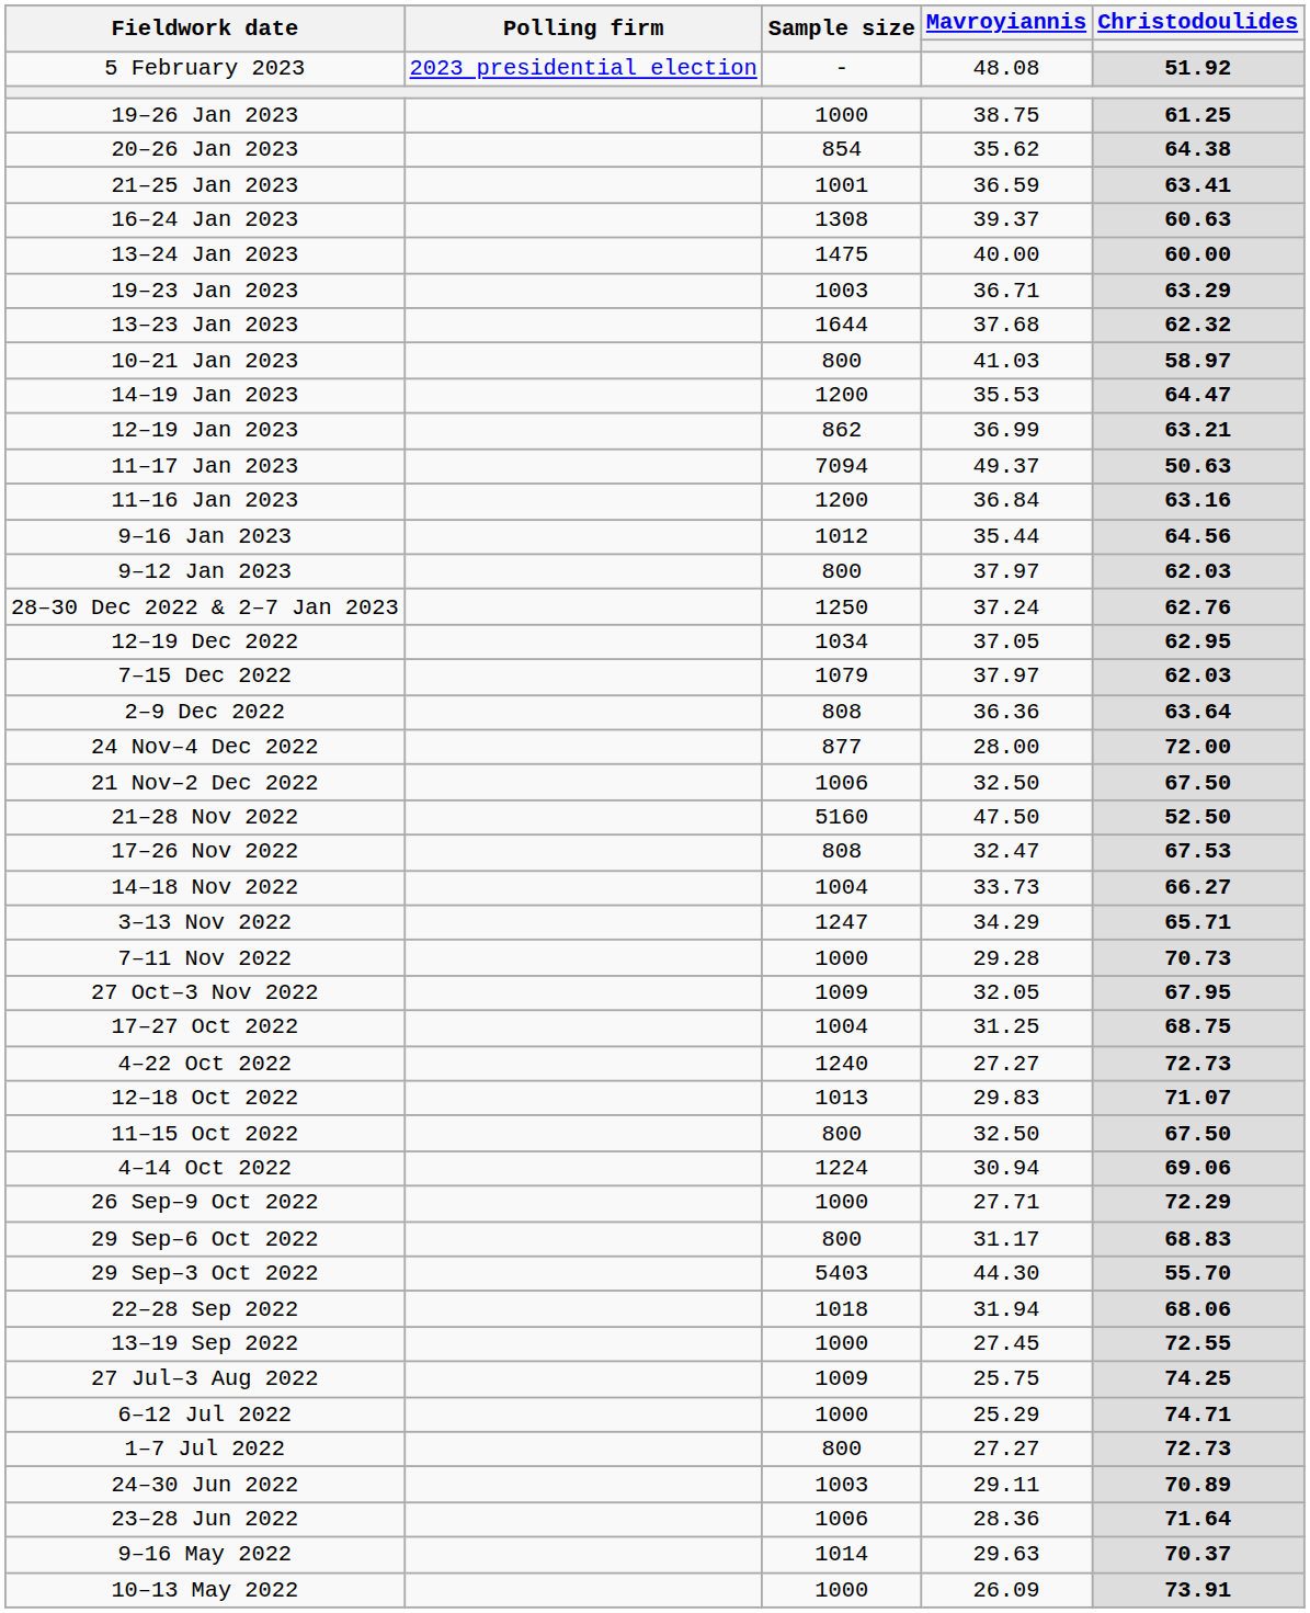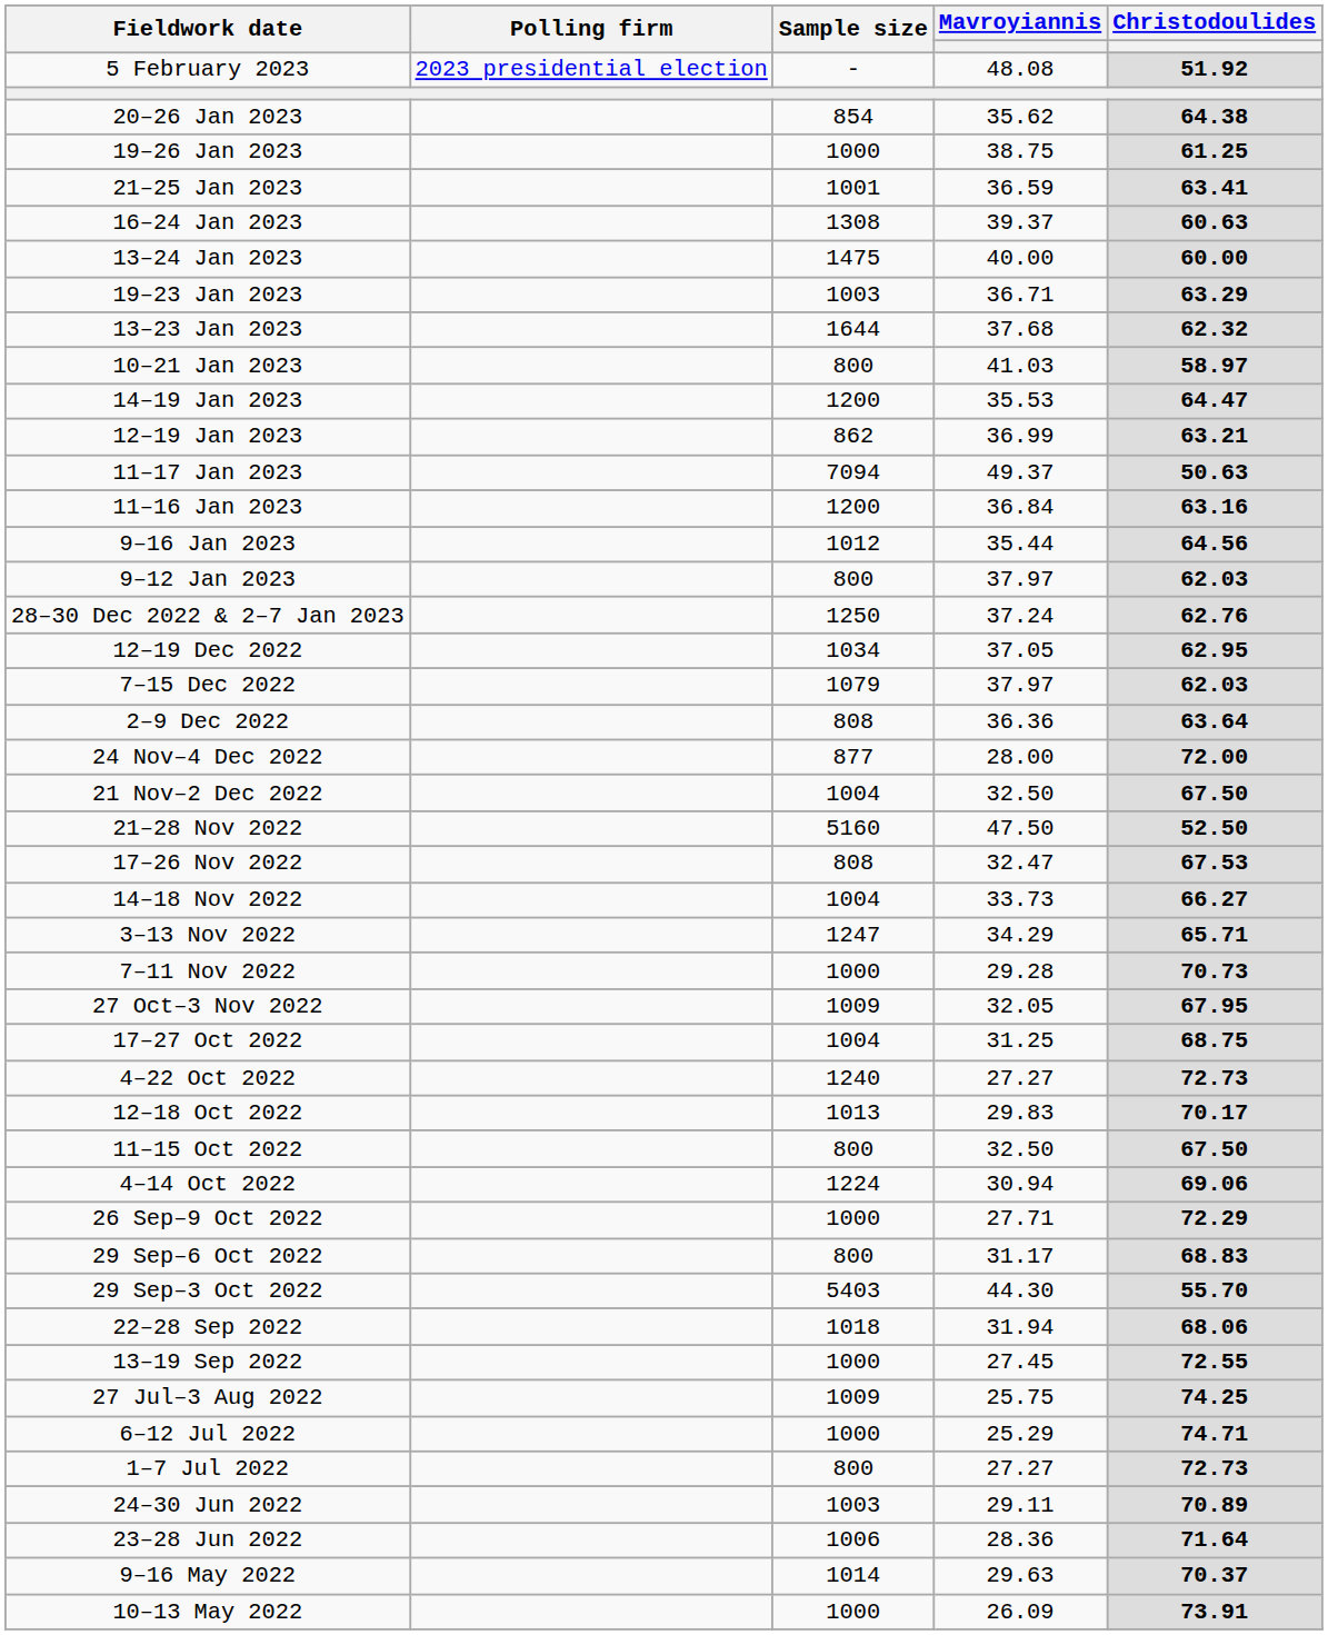 <table class="wikitable" style="text-align:center; font-size:85%;">
 <tr>
 <th rowspan="2">Fieldwork date</th>
 <th rowspan="2">Polling firm</th>
 <th rowspan="2">Sample size</th>
 <th><a href='#'>Mavroyiannis</a><br></th>
 <th><a href='#'>Christodoulides</a><br></th>
 </tr>
 <tr>
 <th style="background:"></th>
 <th style="background:"></th>
 </tr>
 <tr>
 <td>5 February 2023</td>
 <td><a href='#'>2023 presidential election</a></td>
 <td>-</td>
 <td>48.08</td>
 <th style="background:#DDDDDD">51.92</th>
 </tr>
 <tr>
 <td colspan="5" style="background:#EFEFEF"></td>
 </tr>
 <tr>
+<td>20–26 Jan 2023</td>
+<td></td>
+<td>854</td>
+<td>35.62</td>
+<th style="background:#DDDDDD"><strong>64.38</strong></th>
+</tr>
+<tr>
 <td>19–26 Jan 2023</td>
 <td></td>
 <td>1000</td>
 <td>38.75</td>
 <th style="background:#DDDDDD"><strong>61.25</strong></th>
-</tr>
-<tr>
-<td>20–26 Jan 2023</td>
-<td></td>
-<td>854</td>
-<td>35.62</td>
-<th style="background:#DDDDDD"><strong>64.38</strong></th>
 </tr>
 <tr>
 <td>21–25 Jan 2023</td>
 <td></td>
 <td>1001</td>
 <td>36.59</td>
 <th style="background:#DDDDDD"><strong>63.41</strong></th>
 </tr>
 <tr>
 <td>16–24 Jan 2023</td>
 <td></td>
 <td>1308</td>
 <td>39.37</td>
 <th style="background:#DDDDDD"><strong>60.63</strong></th>
 </tr>
 <tr>
 <td>13–24 Jan 2023</td>
 <td></td>
 <td>1475</td>
 <td>40.00</td>
 <th style="background:#DDDDDD"><strong>60.00</strong></th>
 </tr>
 <tr>
 <td>19–23 Jan 2023</td>
 <td></td>
 <td>1003</td>
 <td>36.71</td>
 <th style="background:#DDDDDD"><strong>63.29</strong></th>
 </tr>
 <tr>
 <td>13–23 Jan 2023</td>
 <td></td>
 <td>1644</td>
 <td>37.68</td>
 <th style="background:#DDDDDD"><strong>62.32</strong></th>
 </tr>
 <tr>
 <td>10–21 Jan 2023</td>
 <td></td>
 <td>800</td>
 <td>41.03</td>
 <th style="background:#DDDDDD"><strong>58.97</strong></th>
 </tr>
 <tr>
 <td>14–19 Jan 2023</td>
 <td></td>
 <td>1200</td>
 <td>35.53</td>
 <th style="background:#DDDDDD"><strong>64.47</strong></th>
 </tr>
 <tr>
 <td>12–19 Jan 2023</td>
 <td></td>
 <td>862</td>
 <td>36.99</td>
 <th style="background:#DDDDDD"><strong>63.21</strong></th>
 </tr>
 <tr>
 <td>11–17 Jan 2023</td>
 <td></td>
 <td>7094</td>
 <td>49.37</td>
 <th style="background:#DDDDDD"><strong>50.63</strong></th>
 </tr>
 <tr>
 <td>11–16 Jan 2023</td>
 <td></td>
 <td>1200</td>
 <td>36.84</td>
 <th style="background:#DDDDDD"><strong>63.16</strong></th>
 </tr>
 <tr>
 <td>9–16 Jan 2023</td>
 <td></td>
 <td>1012</td>
 <td>35.44</td>
 <th style="background:#DDDDDD"><strong>64.56</strong></th>
 </tr>
 <tr>
 <td>9–12 Jan 2023</td>
 <td></td>
 <td>800</td>
 <td>37.97</td>
 <th style="background:#DDDDDD"><strong>62.03</strong></th>
 </tr>
 <tr>
 <td>28–30 Dec 2022 & 2–7 Jan 2023</td>
 <td></td>
 <td>1250</td>
 <td>37.24</td>
 <th style="background:#DDDDDD"><strong>62.76</strong></th>
 </tr>
 <tr>
 <td>12–19 Dec 2022</td>
 <td></td>
 <td>1034</td>
 <td>37.05</td>
 <th style="background:#DDDDDD"><strong>62.95</strong></th>
 </tr>
 <tr>
 <td>7–15 Dec 2022</td>
 <td></td>
 <td>1079</td>
 <td>37.97</td>
 <th style="background:#DDDDDD"><strong>62.03</strong></th>
 </tr>
 <tr>
 <td>2–9 Dec 2022</td>
 <td></td>
 <td>808</td>
 <td>36.36</td>
 <th style="background:#DDDDDD"><strong>63.64</strong></th>
 </tr>
 <tr>
 <td>24 Nov–4 Dec 2022</td>
 <td></td>
 <td>877</td>
 <td>28.00</td>
 <th style="background:#DDDDDD"><strong>72.00</strong></th>
 </tr>
 <tr>
 <td>21 Nov–2 Dec 2022</td>
 <td></td>
-<td>1006</td>
+<td>1004</td>
 <td>32.50</td>
 <th style="background:#DDDDDD"><strong>67.50</strong></th>
 </tr>
 <tr>
 <td>21–28 Nov 2022</td>
 <td></td>
 <td>5160</td>
 <td>47.50</td>
 <th style="background:#DDDDDD"><strong>52.50</strong></th>
 </tr>
 <tr>
 <td>17–26 Nov 2022</td>
 <td></td>
 <td>808</td>
 <td>32.47</td>
 <th style="background:#DDDDDD"><strong>67.53</strong></th>
 </tr>
 <tr>
 <td>14–18 Nov 2022</td>
 <td></td>
 <td>1004</td>
 <td>33.73</td>
 <th style="background:#DDDDDD"><strong>66.27</strong></th>
 </tr>
 <tr>
 <td>3–13 Nov 2022</td>
 <td></td>
 <td>1247</td>
 <td>34.29</td>
 <th style="background:#DDDDDD"><strong>65.71</strong></th>
 </tr>
 <tr>
 <td>7–11 Nov 2022</td>
 <td></td>
 <td>1000</td>
 <td>29.28</td>
 <th style="background:#DDDDDD"><strong>70.73</strong></th>
 </tr>
 <tr>
 <td>27 Oct–3 Nov 2022</td>
 <td></td>
 <td>1009</td>
 <td>32.05</td>
 <th style="background:#DDDDDD"><strong>67.95</strong></th>
 </tr>
 <tr>
 <td>17–27 Oct 2022</td>
 <td></td>
 <td>1004</td>
 <td>31.25</td>
 <th style="background:#DDDDDD"><strong>68.75</strong></th>
 </tr>
 <tr>
 <td>4–22 Oct 2022</td>
 <td></td>
 <td>1240</td>
 <td>27.27</td>
 <th style="background:#DDDDDD"><strong>72.73</strong></th>
 </tr>
 <tr>
 <td>12–18 Oct 2022</td>
 <td></td>
 <td>1013</td>
 <td>29.83</td>
-<th style="background:#DDDDDD"><strong>71.07</strong></th>
+<th style="background:#DDDDDD"><strong>70.17</strong></th>
 </tr>
 <tr>
 <td>11–15 Oct 2022</td>
 <td></td>
 <td>800</td>
 <td>32.50</td>
 <th style="background:#DDDDDD"><strong>67.50</strong></th>
 </tr>
 <tr>
 <td>4–14 Oct 2022</td>
 <td></td>
 <td>1224</td>
 <td>30.94</td>
 <th style="background:#DDDDDD"><strong>69.06</strong></th>
 </tr>
 <tr>
 <td>26 Sep–9 Oct 2022</td>
 <td></td>
 <td>1000</td>
 <td>27.71</td>
 <th style="background:#DDDDDD"><strong>72.29</strong></th>
 </tr>
 <tr>
 <td>29 Sep–6 Oct 2022</td>
 <td></td>
 <td>800</td>
 <td>31.17</td>
 <th style="background:#DDDDDD"><strong>68.83</strong></th>
 </tr>
 <tr>
 <td>29 Sep–3 Oct 2022</td>
 <td></td>
 <td>5403</td>
 <td>44.30</td>
 <th style="background:#DDDDDD"><strong>55.70</strong></th>
 </tr>
 <tr>
 <td>22–28 Sep 2022</td>
 <td></td>
 <td>1018</td>
 <td>31.94</td>
 <th style="background:#DDDDDD"><strong>68.06</strong></th>
 </tr>
 <tr>
 <td>13–19 Sep 2022</td>
 <td></td>
 <td>1000</td>
 <td>27.45</td>
 <th style="background:#DDDDDD"><strong>72.55</strong></th>
 </tr>
 <tr>
 <td>27 Jul–3 Aug 2022</td>
 <td></td>
 <td>1009</td>
 <td>25.75</td>
 <th style="background:#DDDDDD"><strong>74.25</strong></th>
 </tr>
 <tr>
 <td>6–12 Jul 2022</td>
 <td></td>
 <td>1000</td>
 <td>25.29</td>
 <th style="background:#DDDDDD"><strong>74.71</strong></th>
 </tr>
 <tr>
 <td>1–7 Jul 2022</td>
 <td></td>
 <td>800</td>
 <td>27.27</td>
 <th style="background:#DDDDDD"><strong>72.73</strong></th>
 </tr>
 <tr>
 <td>24–30 Jun 2022</td>
 <td></td>
 <td>1003</td>
 <td>29.11</td>
 <th style="background:#DDDDDD"><strong>70.89</strong></th>
 </tr>
 <tr>
 <td>23–28 Jun 2022</td>
 <td></td>
 <td>1006</td>
 <td>28.36</td>
 <th style="background:#DDDDDD"><strong>71.64</strong></th>
 </tr>
 <tr>
 <td>9–16 May 2022</td>
 <td></td>
 <td>1014</td>
 <td>29.63</td>
 <th style="background:#DDDDDD"><strong>70.37</strong></th>
 </tr>
 <tr>
 <td>10–13 May 2022</td>
 <td></td>
 <td>1000</td>
 <td>26.09</td>
 <th style="background:#DDDDDD"><strong>73.91</strong></th>
 </tr>
 </table>
